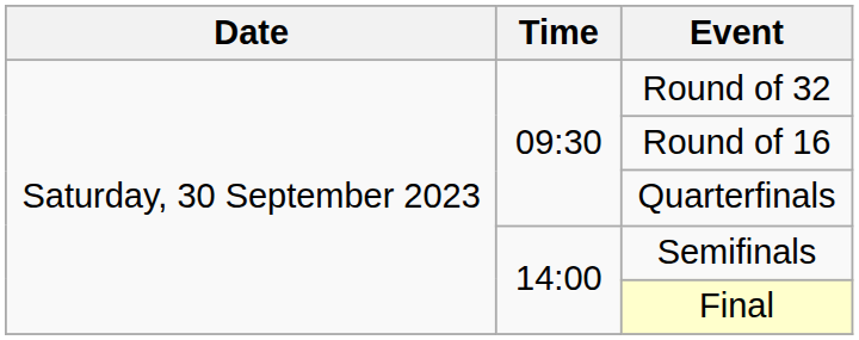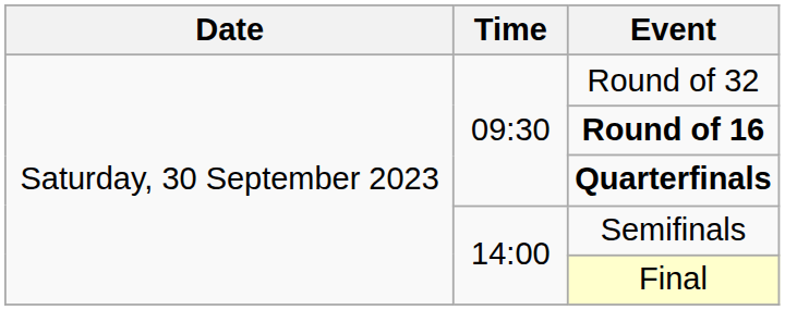 <table class = "wikitable" style="text-align:center;">
 <tr>
 <th width=220>Date</th>
 <th width=50>Time</th>
 <th width=100>Event</th>
 </tr>
 <tr>
 <td rowspan=5>Saturday, 30 September 2023</td>
 <td rowspan=3>09:30</td>
 <td>Round of 32</td>
 </tr>
 <tr>
-<td>Round of 16</td>
+<td><strong>Round of 16</strong></td>
 </tr>
 <tr>
-<td>Quarterfinals</td>
+<td><strong>Quarterfinals</strong></td>
 </tr>
 <tr>
 <td rowspan=2>14:00</td>
 <td>Semifinals</td>
 </tr>
 <tr>
 <td bgcolor=ffffcc>Final</td>
 </tr>
 </table>
